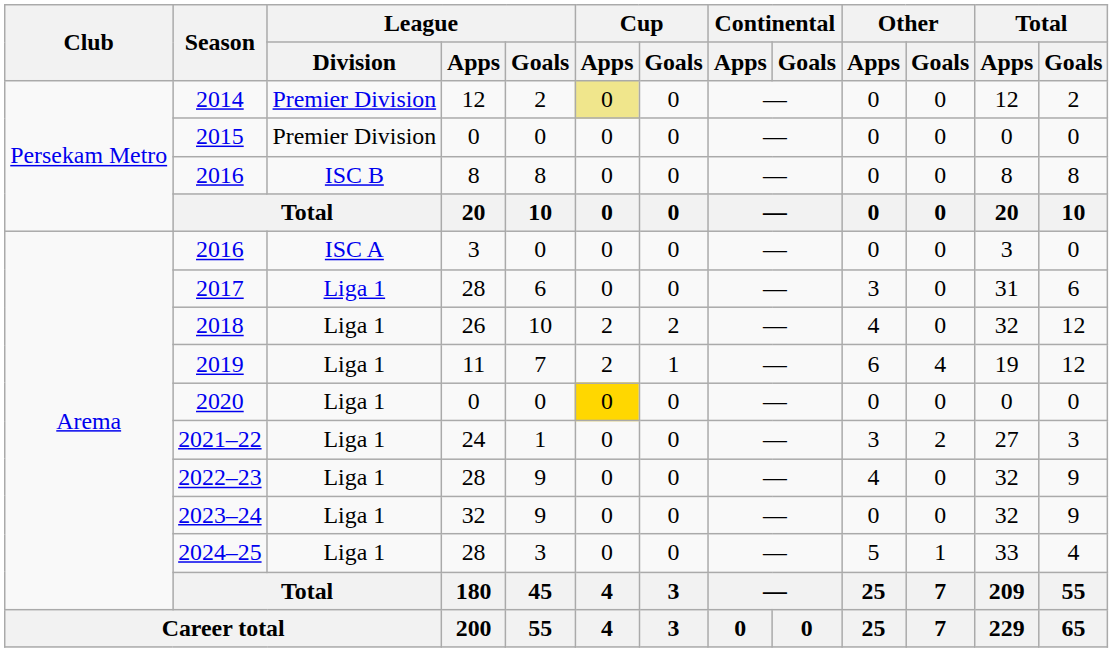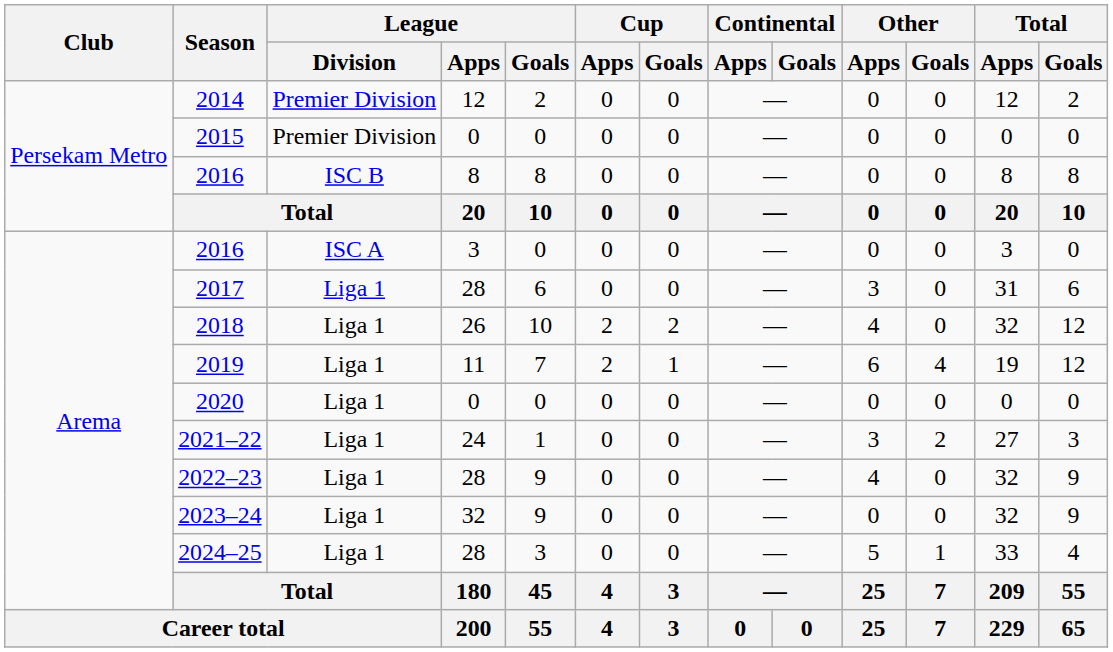 <table class="wikitable" style="text-align:center">
 <tr>
 <th rowspan="2">Club</th>
 <th rowspan="2">Season</th>
 <th colspan="3">League</th>
 <th colspan="2">Cup</th>
 <th colspan="2">Continental</th>
 <th colspan="2">Other</th>
 <th colspan="3">Total</th>
 </tr>
 <tr>
 <th>Division</th>
 <th>Apps</th>
 <th>Goals</th>
 <th>Apps</th>
 <th>Goals</th>
 <th>Apps</th>
 <th>Goals</th>
 <th>Apps</th>
 <th>Goals</th>
 <th>Apps</th>
 <th>Goals</th>
 </tr>
 <tr>
 <td rowspan="4" valign="center"><a href='#'>Persekam Metro</a></td>
 <td><a href='#'>2014</a></td>
 <td><a href='#'>Premier Division</a></td>
 <td>12</td>
 <td>2</td>
-<td style="background: khaki;">0</td>
+<td>0</td>
 <td>0</td>
 <td colspan="2">—</td>
 <td>0</td>
 <td>0</td>
 <td>12</td>
 <td>2</td>
 </tr>
 <tr>
 <td><a href='#'>2015</a></td>
 <td>Premier Division</td>
 <td>0</td>
 <td>0</td>
 <td>0</td>
 <td>0</td>
 <td colspan="2">—</td>
 <td>0</td>
 <td>0</td>
 <td>0</td>
 <td>0</td>
 </tr>
 <tr>
 <td><a href='#'>2016</a></td>
 <td><a href='#'>ISC B</a></td>
 <td>8</td>
 <td>8</td>
 <td>0</td>
 <td>0</td>
 <td colspan="2">—</td>
 <td>0</td>
 <td>0</td>
 <td>8</td>
 <td>8</td>
 </tr>
 <tr>
 <th colspan="2">Total</th>
 <th>20</th>
 <th>10</th>
 <th>0</th>
 <th>0</th>
 <th colspan="2">—</th>
 <th>0</th>
 <th>0</th>
 <th>20</th>
 <th>10</th>
 </tr>
 <tr>
 <td rowspan="10" valign="center"><a href='#'>Arema</a></td>
 <td><a href='#'>2016</a></td>
 <td><a href='#'>ISC A</a></td>
 <td>3</td>
 <td>0</td>
 <td>0</td>
 <td>0</td>
 <td colspan="2">—</td>
 <td>0</td>
 <td>0</td>
 <td>3</td>
 <td>0</td>
 </tr>
 <tr>
 <td><a href='#'>2017</a></td>
 <td><a href='#'>Liga 1</a></td>
 <td>28</td>
 <td>6</td>
 <td>0</td>
 <td>0</td>
 <td colspan="2">—</td>
 <td>3</td>
 <td>0</td>
 <td>31</td>
 <td>6</td>
 </tr>
 <tr>
 <td><a href='#'>2018</a></td>
 <td>Liga 1</td>
 <td>26</td>
 <td>10</td>
 <td>2</td>
 <td>2</td>
 <td colspan="2">—</td>
 <td>4</td>
 <td>0</td>
 <td>32</td>
 <td>12</td>
 </tr>
 <tr>
 <td><a href='#'>2019</a></td>
 <td>Liga 1</td>
 <td>11</td>
 <td>7</td>
 <td>2</td>
 <td>1</td>
 <td colspan="2">—</td>
 <td>6</td>
 <td>4</td>
 <td>19</td>
 <td>12</td>
 </tr>
 <tr>
 <td><a href='#'>2020</a></td>
 <td>Liga 1</td>
 <td>0</td>
 <td>0</td>
-<td style="background: gold;">0</td>
+<td>0</td>
 <td>0</td>
 <td colspan="2">—</td>
 <td>0</td>
 <td>0</td>
 <td>0</td>
 <td>0</td>
 </tr>
 <tr>
 <td><a href='#'>2021–22</a></td>
 <td>Liga 1</td>
 <td>24</td>
 <td>1</td>
 <td>0</td>
 <td>0</td>
 <td colspan="2">—</td>
 <td>3</td>
 <td>2</td>
 <td>27</td>
 <td>3</td>
 </tr>
 <tr>
 <td><a href='#'>2022–23</a></td>
 <td>Liga 1</td>
 <td>28</td>
 <td>9</td>
 <td>0</td>
 <td>0</td>
 <td colspan="2">—</td>
 <td>4</td>
 <td>0</td>
 <td>32</td>
 <td>9</td>
 </tr>
 <tr>
 <td><a href='#'>2023–24</a></td>
 <td>Liga 1</td>
 <td>32</td>
 <td>9</td>
 <td>0</td>
 <td>0</td>
 <td colspan="2">—</td>
 <td>0</td>
 <td>0</td>
 <td>32</td>
 <td>9</td>
 </tr>
 <tr>
 <td><a href='#'>2024–25</a></td>
 <td>Liga 1</td>
 <td>28</td>
 <td>3</td>
 <td>0</td>
 <td>0</td>
 <td colspan="2">—</td>
 <td>5</td>
 <td>1</td>
 <td>33</td>
 <td>4</td>
 </tr>
 <tr>
 <th colspan="2">Total</th>
 <th>180</th>
 <th>45</th>
 <th>4</th>
 <th>3</th>
 <th colspan="2">—</th>
 <th>25</th>
 <th>7</th>
 <th>209</th>
 <th>55</th>
 </tr>
 <tr>
 <th colspan="3">Career total</th>
 <th>200</th>
 <th>55</th>
 <th>4</th>
 <th>3</th>
 <th>0</th>
 <th>0</th>
 <th>25</th>
 <th>7</th>
 <th>229</th>
 <th>65</th>
 </tr>
 </table>
